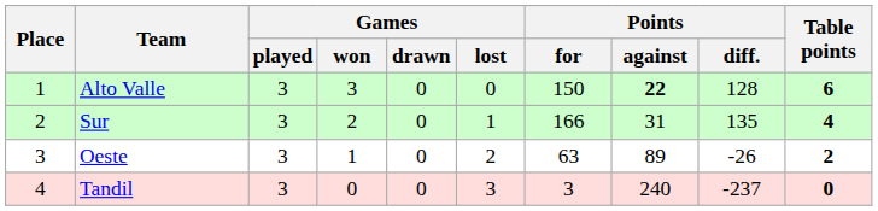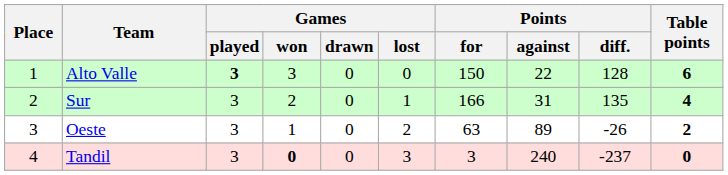 <table class="wikitable">
 <tr>
 <th rowspan=2 width="8%">Place</th>
 <th rowspan=2 width="20%">Team</th>
 <th colspan=4 width="32%">Games</th>
 <th colspan=3 width="30%">Points</th>
 <th rowspan=2 width="10%">Table<br>points</th>
 </tr>
 <tr>
 <th width="8%">played</th>
 <th width="8%">won</th>
 <th width="8%">drawn</th>
 <th width="8%">lost</th>
 <th width="10%">for</th>
 <th width="10%">against</th>
 <th width="10%">diff.</th>
 </tr>
 <tr align=center style="background: #ccffcc;">
 <td>1</td>
 <td align=left><a href='#'>Alto Valle</a></td>
-<td>3</td>
+<td><strong>3</strong></td>
 <td>3</td>
 <td>0</td>
 <td>0</td>
 <td>150</td>
-<td><strong>22</strong></td>
+<td>22</td>
 <td>128</td>
 <td><strong>6</strong></td>
 </tr>
 <tr align=center style="background: #ccffcc;">
 <td>2</td>
 <td align=left><a href='#'>Sur</a></td>
 <td>3</td>
 <td>2</td>
 <td>0</td>
 <td>1</td>
 <td>166</td>
 <td>31</td>
 <td>135</td>
 <td><strong>4</strong></td>
 </tr>
 <tr align=center style="background: #ffffff;">
 <td>3</td>
 <td align=left><a href='#'>Oeste</a></td>
 <td>3</td>
 <td>1</td>
 <td>0</td>
 <td>2</td>
 <td>63</td>
 <td>89</td>
 <td>-26</td>
 <td><strong>2</strong></td>
 </tr>
 <tr align=center style="background: #ffdddd;">
 <td>4</td>
 <td align=left><a href='#'>Tandil</a></td>
 <td>3</td>
-<td>0</td>
+<td><strong>0</strong></td>
 <td>0</td>
 <td>3</td>
 <td>3</td>
 <td>240</td>
 <td>-237</td>
 <td><strong>0</strong></td>
 </tr>
 </table>
